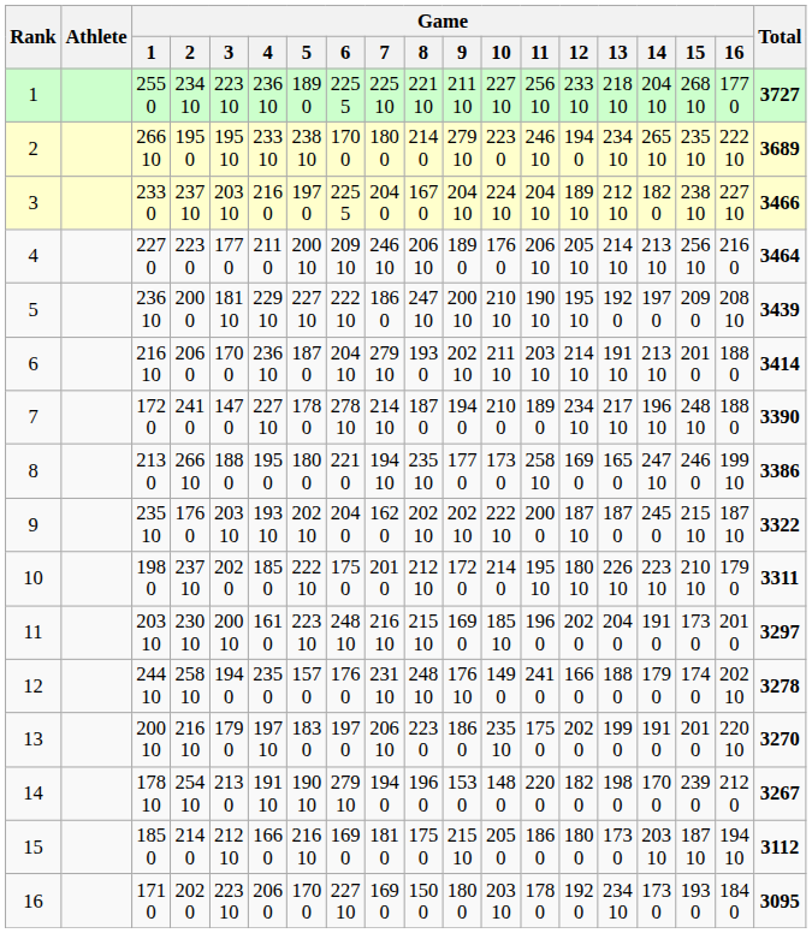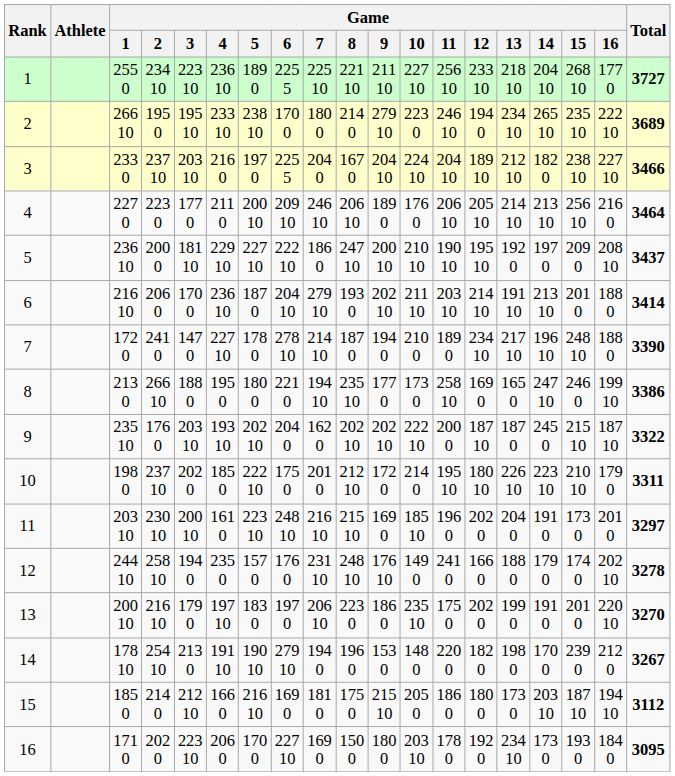 <table class=wikitable style="text-align:center">
 <tr>
 <th rowspan="2" width=40>Rank</th>
 <th rowspan="2" width=250>Athlete</th>
 <th colspan="16">Game</th>
 <th rowspan="2" width=50>Total</th>
 </tr>
 <tr>
 <th width=25>1</th>
 <th width=25>2</th>
 <th width=25>3</th>
 <th width=25>4</th>
 <th width=25>5</th>
 <th width=25>6</th>
 <th width=25>7</th>
 <th width=25>8</th>
 <th width=25>9</th>
 <th width=25>10</th>
 <th width=25>11</th>
 <th width=25>12</th>
 <th width=25>13</th>
 <th width=25>14</th>
 <th width=25>15</th>
 <th width=25>16</th>
 </tr>
 <tr bgcolor="#ccffcc">
 <td>1</td>
 <td align=left></td>
 <td>255<br>0</td>
 <td>234<br>10</td>
 <td>223<br>10</td>
 <td>236<br>10</td>
 <td>189<br>0</td>
 <td>225<br>5</td>
 <td>225<br>10</td>
 <td>221<br>10</td>
 <td>211<br>10</td>
 <td>227<br>10</td>
 <td>256<br>10</td>
 <td>233<br>10</td>
 <td>218<br>10</td>
 <td>204<br>10</td>
 <td>268<br>10</td>
 <td>177<br>0</td>
 <td><strong>3727</strong></td>
 </tr>
 <tr bgcolor="#ffffcc">
 <td>2</td>
 <td align=left></td>
 <td>266<br>10</td>
 <td>195<br>0</td>
 <td>195<br>10</td>
 <td>233<br>10</td>
 <td>238<br>10</td>
 <td>170<br>0</td>
 <td>180<br>0</td>
 <td>214<br>0</td>
 <td>279<br>10</td>
 <td>223<br>0</td>
 <td>246<br>10</td>
 <td>194<br>0</td>
 <td>234<br>10</td>
 <td>265<br>10</td>
 <td>235<br>10</td>
 <td>222<br>10</td>
 <td><strong>3689</strong></td>
 </tr>
 <tr bgcolor="#ffffcc">
 <td>3</td>
 <td align=left></td>
 <td>233<br>0</td>
 <td>237<br>10</td>
 <td>203<br>10</td>
 <td>216<br>0</td>
 <td>197<br>0</td>
 <td>225<br>5</td>
 <td>204<br>0</td>
 <td>167<br>0</td>
 <td>204<br>10</td>
 <td>224<br>10</td>
 <td>204<br>10</td>
 <td>189<br>10</td>
 <td>212<br>10</td>
 <td>182<br>0</td>
 <td>238<br>10</td>
 <td>227<br>10</td>
 <td><strong>3466</strong></td>
 </tr>
 <tr>
 <td>4</td>
 <td align=left></td>
 <td>227<br>0</td>
 <td>223<br>0</td>
 <td>177<br>0</td>
 <td>211<br>0</td>
 <td>200<br>10</td>
 <td>209<br>10</td>
 <td>246<br>10</td>
 <td>206<br>10</td>
 <td>189<br>0</td>
 <td>176<br>0</td>
 <td>206<br>10</td>
 <td>205<br>10</td>
 <td>214<br>10</td>
 <td>213<br>10</td>
 <td>256<br>10</td>
 <td>216<br>0</td>
 <td><strong>3464</strong></td>
 </tr>
 <tr>
 <td>5</td>
 <td align=left></td>
 <td>236<br>10</td>
 <td>200<br>0</td>
 <td>181<br>10</td>
 <td>229<br>10</td>
 <td>227<br>10</td>
 <td>222<br>10</td>
 <td>186<br>0</td>
 <td>247<br>10</td>
 <td>200<br>10</td>
 <td>210<br>10</td>
 <td>190<br>10</td>
 <td>195<br>10</td>
 <td>192<br>0</td>
 <td>197<br>0</td>
 <td>209<br>0</td>
 <td>208<br>10</td>
-<td><strong>3439</strong></td>
+<td><strong>3437</strong></td>
 </tr>
 <tr>
 <td>6</td>
 <td align=left></td>
 <td>216<br>10</td>
 <td>206<br>0</td>
 <td>170<br>0</td>
 <td>236<br>10</td>
 <td>187<br>0</td>
 <td>204<br>10</td>
 <td>279<br>10</td>
 <td>193<br>0</td>
 <td>202<br>10</td>
 <td>211<br>10</td>
 <td>203<br>10</td>
 <td>214<br>10</td>
 <td>191<br>10</td>
 <td>213<br>10</td>
 <td>201<br>0</td>
 <td>188<br>0</td>
 <td><strong>3414</strong></td>
 </tr>
 <tr>
 <td>7</td>
 <td align=left></td>
 <td>172<br>0</td>
 <td>241<br>0</td>
 <td>147<br>0</td>
 <td>227<br>10</td>
 <td>178<br>0</td>
 <td>278<br>10</td>
 <td>214<br>10</td>
 <td>187<br>0</td>
 <td>194<br>0</td>
 <td>210<br>0</td>
 <td>189<br>0</td>
 <td>234<br>10</td>
 <td>217<br>10</td>
 <td>196<br>10</td>
 <td>248<br>10</td>
 <td>188<br>0</td>
 <td><strong>3390</strong></td>
 </tr>
 <tr>
 <td>8</td>
 <td align=left></td>
 <td>213<br>0</td>
 <td>266<br>10</td>
 <td>188<br>0</td>
 <td>195<br>0</td>
 <td>180<br>0</td>
 <td>221<br>0</td>
 <td>194<br>10</td>
 <td>235<br>10</td>
 <td>177<br>0</td>
 <td>173<br>0</td>
 <td>258<br>10</td>
 <td>169<br>0</td>
 <td>165<br>0</td>
 <td>247<br>10</td>
 <td>246<br>0</td>
 <td>199<br>10</td>
 <td><strong>3386</strong></td>
 </tr>
 <tr>
 <td>9</td>
 <td align=left></td>
 <td>235<br>10</td>
 <td>176<br>0</td>
 <td>203<br>10</td>
 <td>193<br>10</td>
 <td>202<br>10</td>
 <td>204<br>0</td>
 <td>162<br>0</td>
 <td>202<br>10</td>
 <td>202<br>10</td>
 <td>222<br>10</td>
 <td>200<br>0</td>
 <td>187<br>10</td>
 <td>187<br>0</td>
 <td>245<br>0</td>
 <td>215<br>10</td>
 <td>187<br>10</td>
 <td><strong>3322</strong></td>
 </tr>
 <tr>
 <td>10</td>
 <td align=left></td>
 <td>198<br>0</td>
 <td>237<br>10</td>
 <td>202<br>0</td>
 <td>185<br>0</td>
 <td>222<br>10</td>
 <td>175<br>0</td>
 <td>201<br>0</td>
 <td>212<br>10</td>
 <td>172<br>0</td>
 <td>214<br>0</td>
 <td>195<br>10</td>
 <td>180<br>10</td>
 <td>226<br>10</td>
 <td>223<br>10</td>
 <td>210<br>10</td>
 <td>179<br>0</td>
 <td><strong>3311</strong></td>
 </tr>
 <tr>
 <td>11</td>
 <td align=left></td>
 <td>203<br>10</td>
 <td>230<br>10</td>
 <td>200<br>10</td>
 <td>161<br>0</td>
 <td>223<br>10</td>
 <td>248<br>10</td>
 <td>216<br>10</td>
 <td>215<br>10</td>
 <td>169<br>0</td>
 <td>185<br>10</td>
 <td>196<br>0</td>
 <td>202<br>0</td>
 <td>204<br>0</td>
 <td>191<br>0</td>
 <td>173<br>0</td>
 <td>201<br>0</td>
 <td><strong>3297</strong></td>
 </tr>
 <tr>
 <td>12</td>
 <td align=left></td>
 <td>244<br>10</td>
 <td>258<br>10</td>
 <td>194<br>0</td>
 <td>235<br>0</td>
 <td>157<br>0</td>
 <td>176<br>0</td>
 <td>231<br>10</td>
 <td>248<br>10</td>
 <td>176<br>10</td>
 <td>149<br>0</td>
 <td>241<br>0</td>
 <td>166<br>0</td>
 <td>188<br>0</td>
 <td>179<br>0</td>
 <td>174<br>0</td>
 <td>202<br>10</td>
 <td><strong>3278</strong></td>
 </tr>
 <tr>
 <td>13</td>
 <td align=left></td>
 <td>200<br>10</td>
 <td>216<br>10</td>
 <td>179<br>0</td>
 <td>197<br>10</td>
 <td>183<br>0</td>
 <td>197<br>0</td>
 <td>206<br>10</td>
 <td>223<br>0</td>
 <td>186<br>0</td>
 <td>235<br>10</td>
 <td>175<br>0</td>
 <td>202<br>0</td>
 <td>199<br>0</td>
 <td>191<br>0</td>
 <td>201<br>0</td>
 <td>220<br>10</td>
 <td><strong>3270</strong></td>
 </tr>
 <tr>
 <td>14</td>
 <td align=left></td>
 <td>178<br>10</td>
 <td>254<br>10</td>
 <td>213<br>0</td>
 <td>191<br>10</td>
 <td>190<br>10</td>
 <td>279<br>10</td>
 <td>194<br>0</td>
 <td>196<br>0</td>
 <td>153<br>0</td>
 <td>148<br>0</td>
 <td>220<br>0</td>
 <td>182<br>0</td>
 <td>198<br>0</td>
 <td>170<br>0</td>
 <td>239<br>0</td>
 <td>212<br>0</td>
 <td><strong>3267</strong></td>
 </tr>
 <tr>
 <td>15</td>
 <td align=left></td>
 <td>185<br>0</td>
 <td>214<br>0</td>
 <td>212<br>10</td>
 <td>166<br>0</td>
 <td>216<br>10</td>
 <td>169<br>0</td>
 <td>181<br>0</td>
 <td>175<br>0</td>
 <td>215<br>10</td>
 <td>205<br>0</td>
 <td>186<br>0</td>
 <td>180<br>0</td>
 <td>173<br>0</td>
 <td>203<br>10</td>
 <td>187<br>10</td>
 <td>194<br>10</td>
 <td><strong>3112</strong></td>
 </tr>
 <tr>
 <td>16</td>
 <td align=left></td>
 <td>171<br>0</td>
 <td>202<br>0</td>
 <td>223<br>10</td>
 <td>206<br>0</td>
 <td>170<br>0</td>
 <td>227<br>10</td>
 <td>169<br>0</td>
 <td>150<br>0</td>
 <td>180<br>0</td>
 <td>203<br>10</td>
 <td>178<br>0</td>
 <td>192<br>0</td>
 <td>234<br>10</td>
 <td>173<br>0</td>
 <td>193<br>0</td>
 <td>184<br>0</td>
 <td><strong>3095</strong></td>
 </tr>
 </table>
